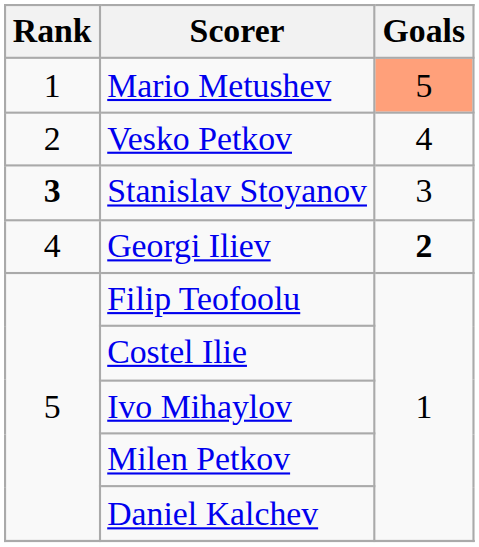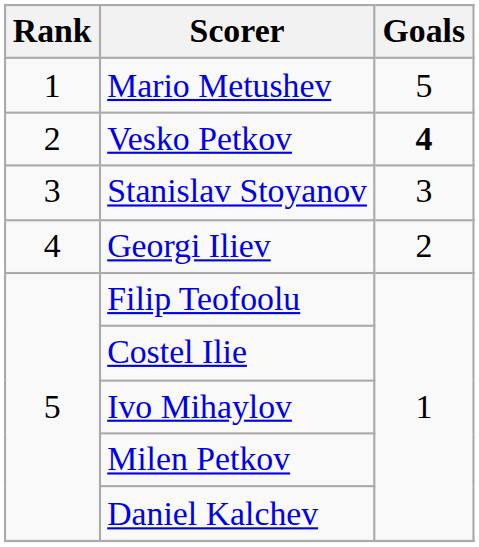 <table class="wikitable" style="text-align:center">
 <tr>
 <th>Rank</th>
 <th>Scorer</th>
 <th>Goals</th>
 </tr>
 <tr>
 <td rowspan="1">1</td>
 <td align=left> <a href='#'>Mario Metushev</a></td>
-<td rowspan="1" style="background: lightsalmon;">5</td>
+<td rowspan="1">5</td>
 </tr>
 <tr>
 <td rowspan="1">2</td>
 <td align=left> <a href='#'>Vesko Petkov</a></td>
-<td rowspan="1">4</td>
+<td rowspan="1"><strong>4</strong></td>
 </tr>
 <tr>
-<td rowspan="1"><strong>3</strong></td>
+<td rowspan="1">3</td>
 <td align=left> <a href='#'>Stanislav Stoyanov</a></td>
 <td rowspan="1">3</td>
 </tr>
 <tr>
 <td rowspan="1">4</td>
 <td align=left> <a href='#'>Georgi Iliev</a></td>
-<td rowspan="1"><strong>2</strong></td>
+<td rowspan="1">2</td>
 </tr>
 <tr>
 <td rowspan="5">5</td>
 <td align=left> <a href='#'>Filip Teofoolu</a></td>
 <td rowspan="5">1</td>
 </tr>
 <tr>
 <td align=left> <a href='#'>Costel Ilie</a></td>
 </tr>
 <tr>
 <td align=left> <a href='#'>Ivo Mihaylov</a></td>
 </tr>
 <tr>
 <td align=left> <a href='#'>Milen Petkov</a></td>
 </tr>
 <tr>
 <td align=left> <a href='#'>Daniel Kalchev</a></td>
 </tr>
 <tr>
 </tr>
 </table>
